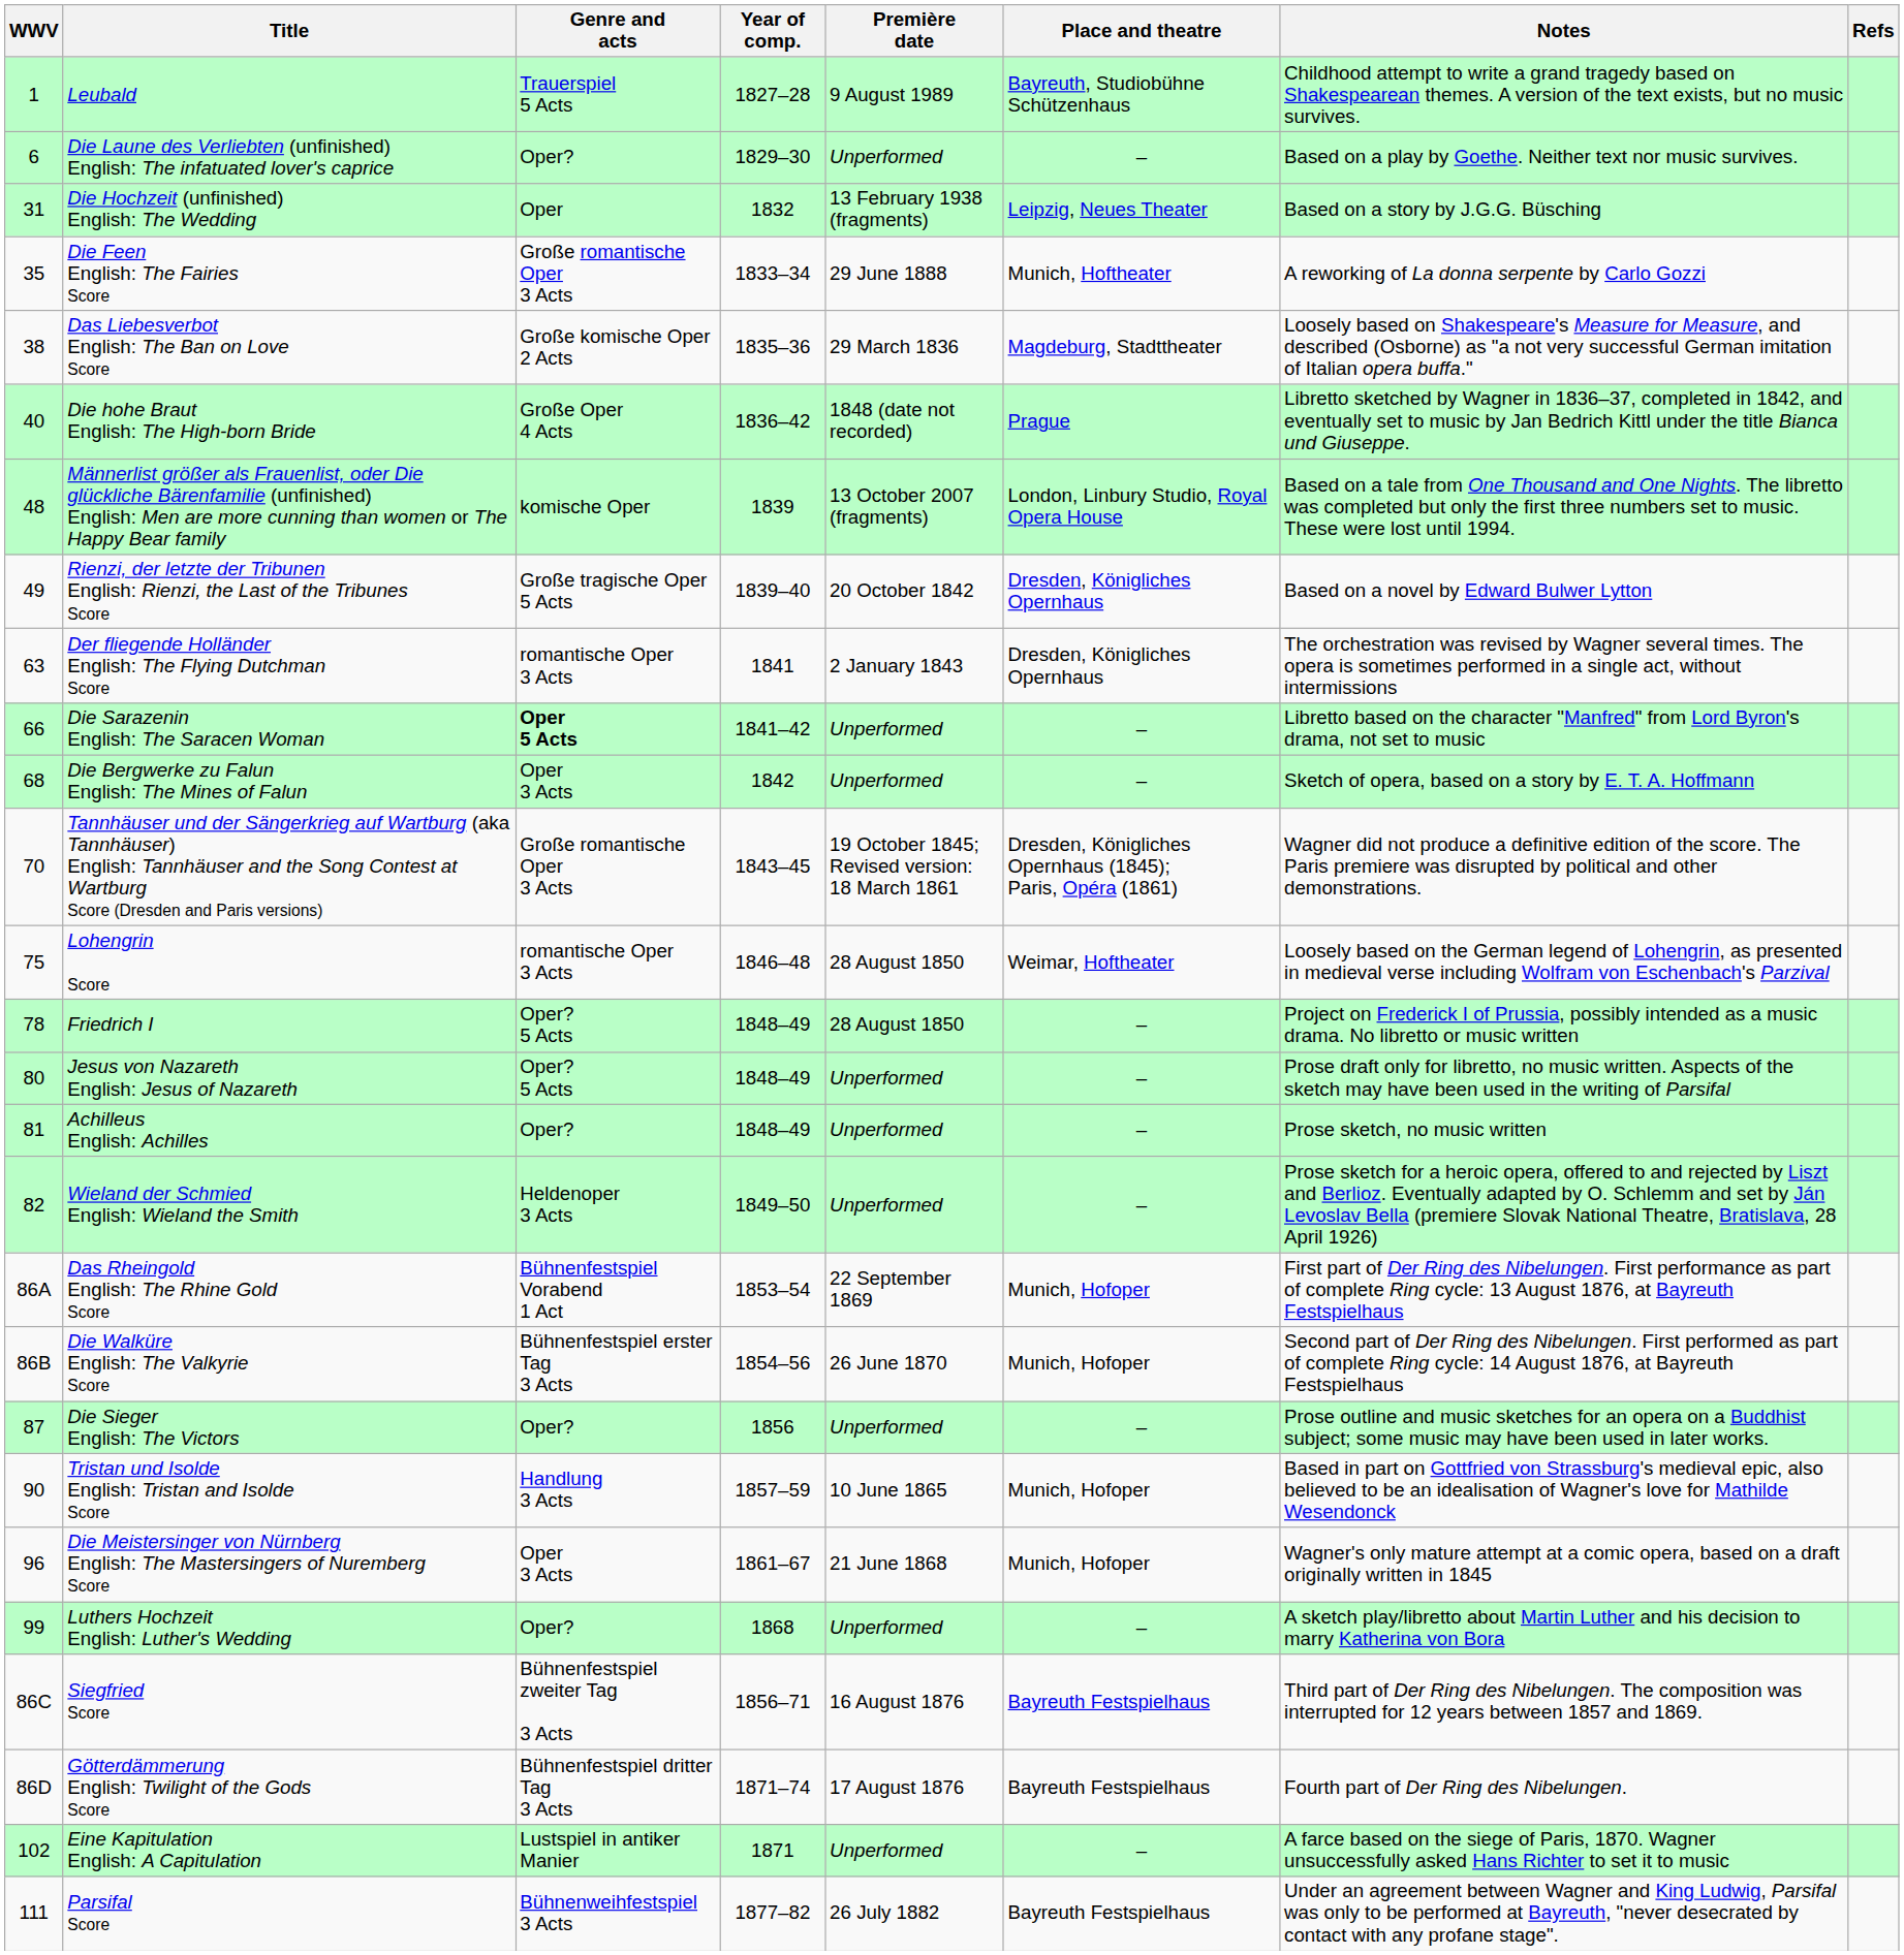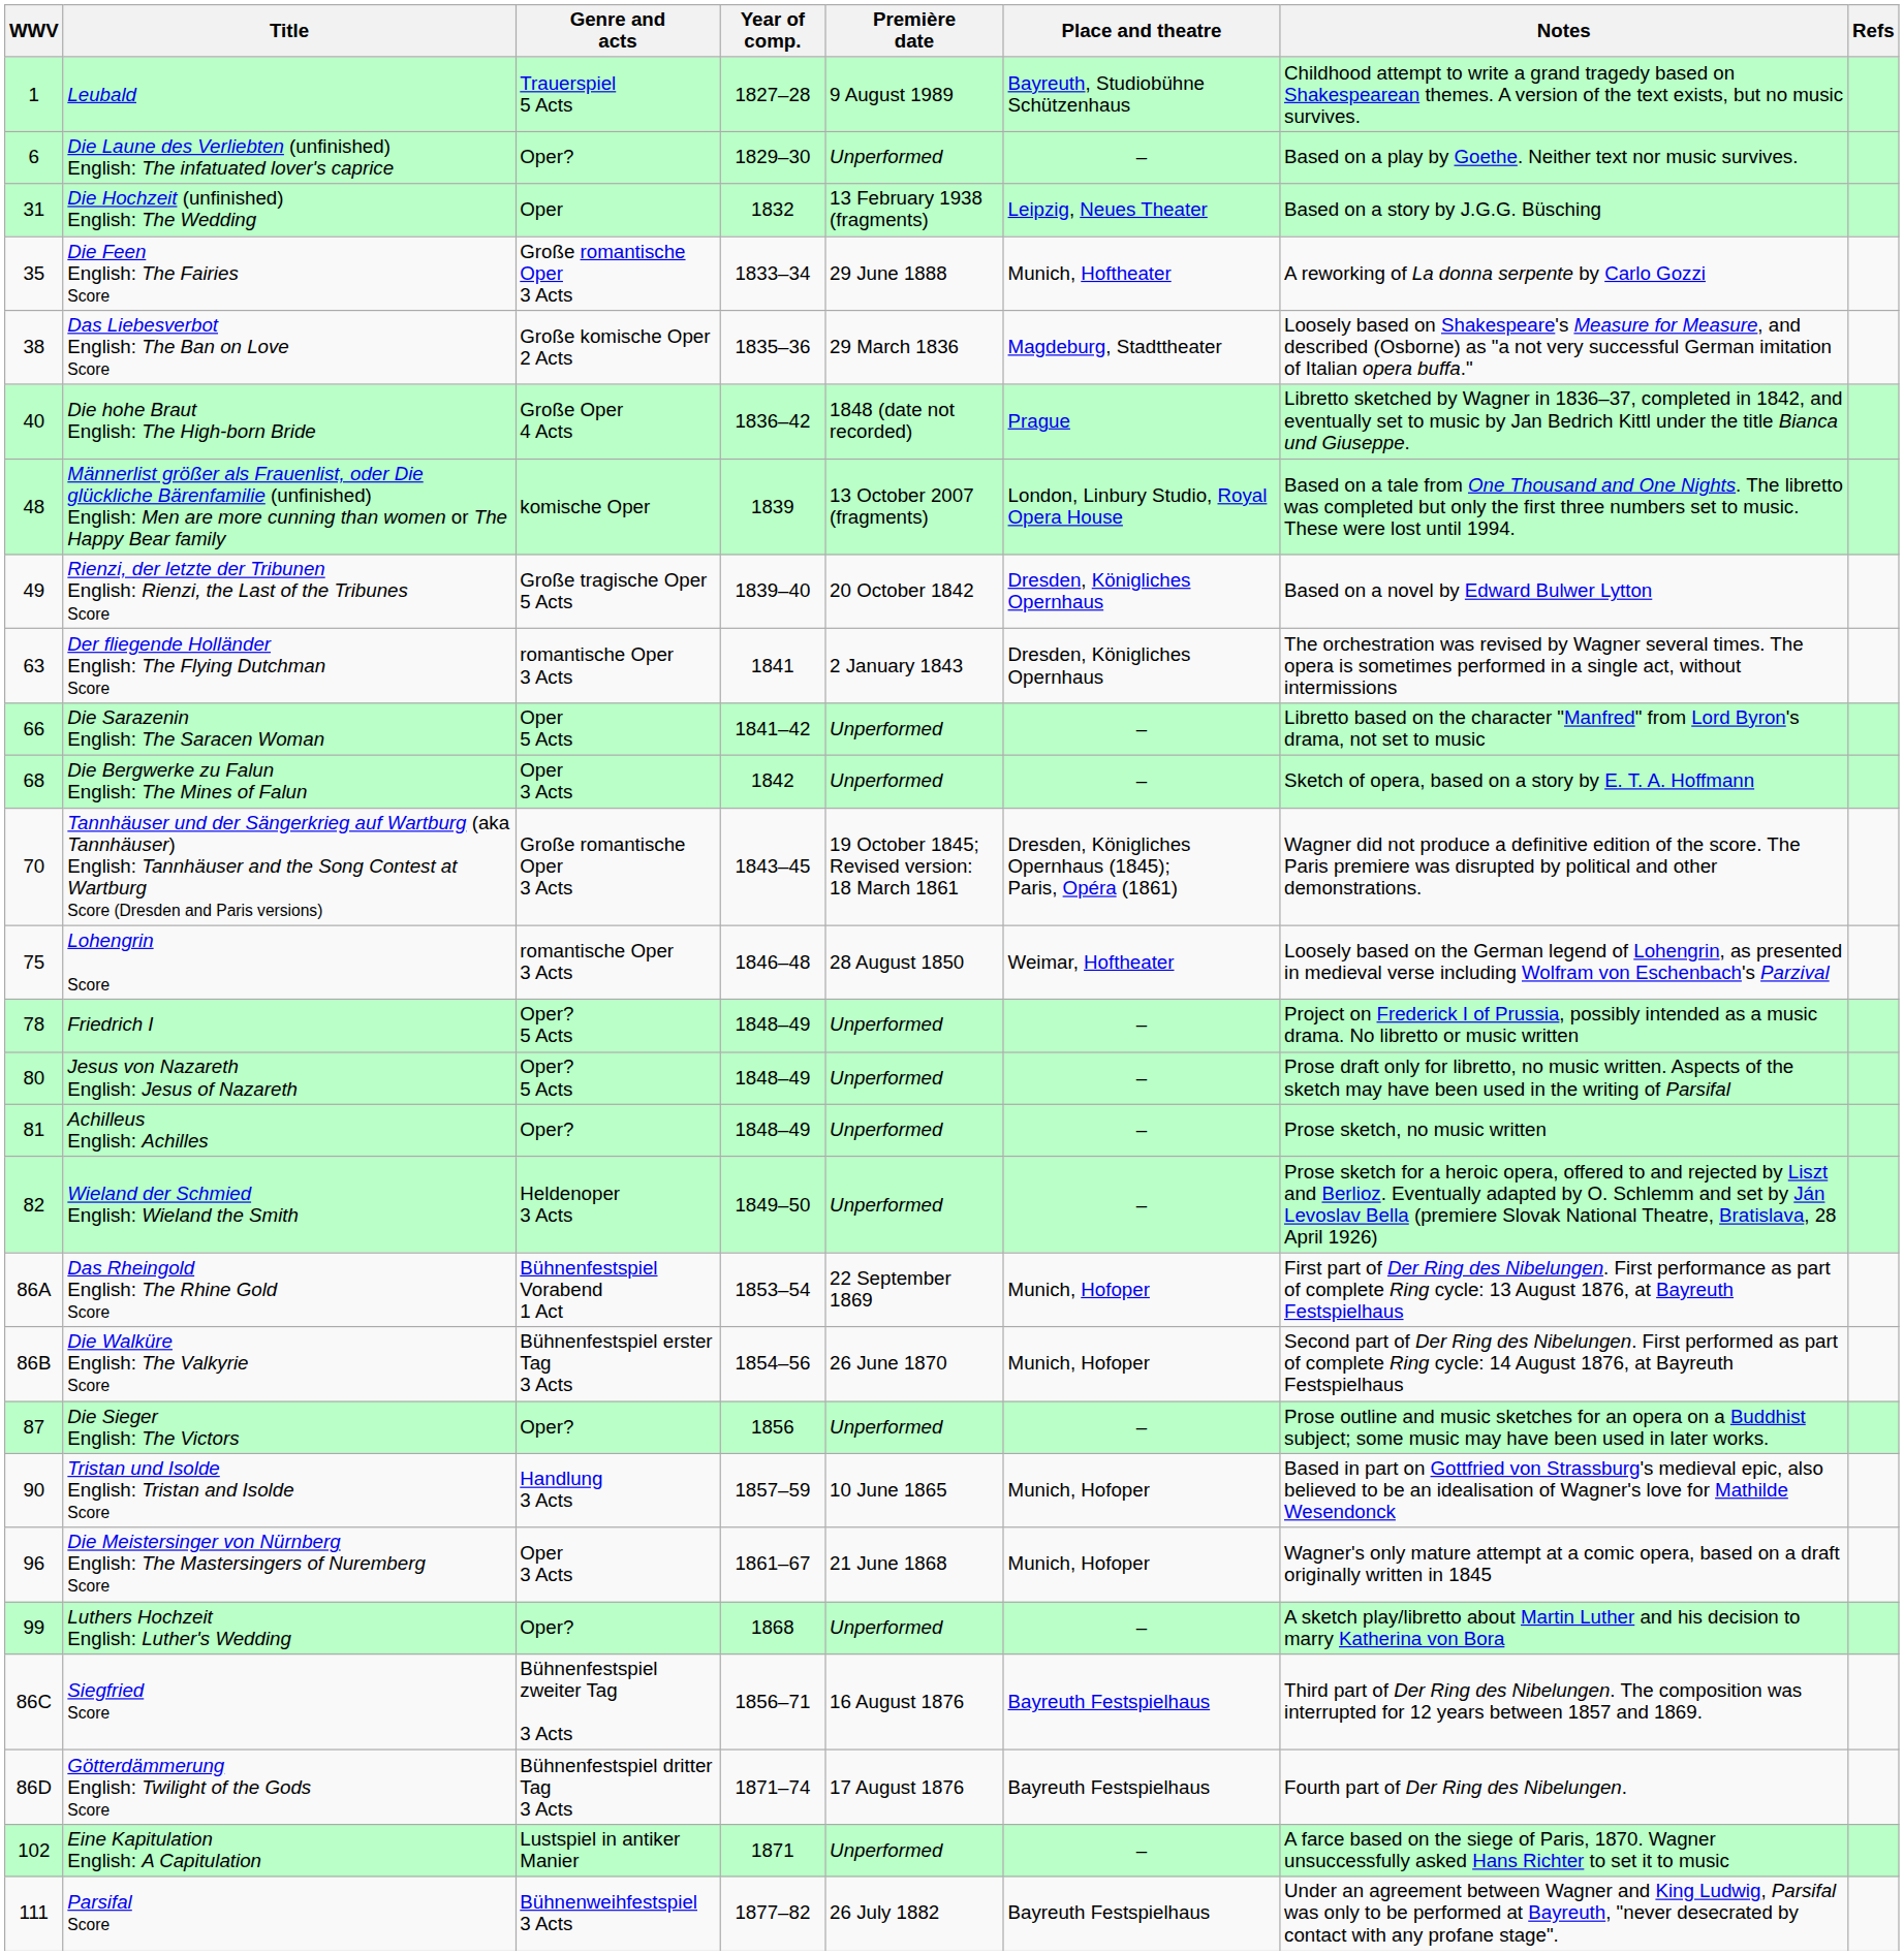 <table class = "wikitable sortable">
 <tr>
 <th>WWV</th>
 <th>Title</th>
 <th class="unsortable">Genre and<br>acts</th>
 <th>Year of comp.</th>
 <th>Première<br> date</th>
 <th>Place and theatre</th>
 <th class="unsortable" width="30%">Notes</th>
 <th class="unsortable">Refs</th>
 </tr>
 <tr style="background: #B9FFC7">
 <td align= "center">1</td>
 <td><em><a href='#'>Leubald</a></em></td>
 <td><a href='#'>Trauerspiel</a><br>5 Acts</td>
 <td align="center">1827–28</td>
 <td>9 August 1989</td>
 <td><a href='#'>Bayreuth</a>, Studiobühne Schützenhaus<br></td>
 <td>Childhood attempt to write a grand tragedy based on <a href='#'>Shakespearean</a> themes. A version of the text exists, but no music survives.</td>
 <td></td>
 </tr>
 <tr style="background: #B9FFC7">
 <td align= "center">6</td>
 <td><em><a href='#'>Die Laune des Verliebten</a></em> (unfinished)<br>English: <em>The infatuated lover's caprice</em></td>
 <td>Oper?</td>
 <td align="center">1829–30</td>
 <td><em>Unperformed</em></td>
 <td align= "center">–</td>
 <td>Based on a play by <a href='#'>Goethe</a>. Neither text nor music survives.</td>
 <td></td>
 </tr>
 <tr style="background: #B9FFC7">
 <td align= "center">31</td>
 <td><em><a href='#'>Die Hochzeit</a></em> (unfinished)<br>English: <em>The Wedding</em></td>
 <td>Oper</td>
 <td align="center">1832</td>
 <td>13 February 1938<br>(fragments)</td>
 <td><a href='#'>Leipzig</a>, <a href='#'>Neues Theater</a></td>
 <td>Based on a story by J.G.G. Büsching</td>
 <td><br><br></td>
 </tr>
 <tr>
 <td align= "center">35</td>
 <td><em><a href='#'>Die Feen</a></em><br>English: <em>The Fairies</em><br><small>Score</small></td>
 <td>Große <a href='#'>romantische Oper</a><br>3 Acts</td>
 <td align="center">1833–34</td>
 <td>29 June 1888</td>
 <td>Munich, <a href='#'>Hoftheater</a></td>
 <td>A reworking of <em>La donna serpente</em> by <a href='#'>Carlo Gozzi</a></td>
 <td></td>
 </tr>
 <tr>
 <td align= "center">38</td>
 <td><em><a href='#'>Das Liebesverbot</a></em><br>English: <em>The Ban on Love</em><br><small>Score</small></td>
 <td>Große komische Oper<br>2 Acts</td>
 <td align="center">1835–36</td>
 <td>29 March 1836</td>
 <td><a href='#'>Magdeburg</a>, Stadttheater</td>
 <td>Loosely based on <a href='#'>Shakespeare</a>'s <em><a href='#'>Measure for Measure</a></em>, and described (Osborne) as "a not very successful German imitation of Italian <em>opera buffa</em>."</td>
 <td></td>
 </tr>
 <tr style="background: #B9FFC7">
 <td align= "center">40</td>
 <td><em>Die hohe Braut</em><br>English: <em>The High-born Bride</em></td>
 <td>Große Oper<br>4 Acts</td>
 <td align="center">1836–42</td>
 <td>1848 (date not recorded)</td>
 <td><a href='#'>Prague</a></td>
 <td>Libretto sketched by Wagner in 1836–37, completed in 1842, and eventually set to music by Jan Bedrich Kittl under the title <em>Bianca und Giuseppe</em>.</td>
 <td><br></td>
 </tr>
 <tr style="background: #B9FFC7">
 <td align= "center">48</td>
 <td><em><a href='#'>Männerlist größer als Frauenlist, oder Die glückliche Bärenfamilie</a></em> (unfinished)<br>English: <em>Men are more cunning than women</em> or <em>The Happy Bear family</em></td>
 <td>komische Oper</td>
 <td align="center">1839</td>
 <td>13 October 2007<br>(fragments)</td>
 <td>London, Linbury Studio, <a href='#'>Royal Opera House</a></td>
 <td>Based on a tale from <em><a href='#'>One Thousand and One Nights</a></em>. The libretto was completed but only the first three numbers set to music. These were lost until 1994.</td>
 <td><br></td>
 </tr>
 <tr>
 <td align= "center">49</td>
 <td><em><a href='#'>Rienzi, der letzte der Tribunen</a></em><br>English: <em>Rienzi, the Last of the Tribunes</em><br><small>Score</small></td>
 <td>Große tragische Oper<br>5 Acts</td>
 <td align="center">1839–40</td>
 <td>20 October 1842</td>
 <td><a href='#'>Dresden</a>, <a href='#'>Königliches Opernhaus</a></td>
 <td>Based on a novel by <a href='#'>Edward Bulwer Lytton</a></td>
 <td></td>
 </tr>
 <tr>
 <td align= "center">63</td>
 <td><em><a href='#'>Der fliegende Holländer</a></em><br>English: <em>The Flying Dutchman</em><br><small>Score</small></td>
 <td>romantische Oper<br>3 Acts</td>
 <td align="center">1841</td>
 <td>2 January 1843</td>
 <td>Dresden, Königliches Opernhaus</td>
 <td>The orchestration was revised by Wagner several times. The opera is sometimes performed in a single act, without intermissions</td>
 <td></td>
 </tr>
 <tr style="background: #B9FFC7">
 <td align= "center">66</td>
 <td><em>Die Sarazenin</em><br>English: <em>The Saracen Woman</em></td>
-<td><strong>Oper<br>5 Acts</strong></td>
+<td>Oper<br>5 Acts</td>
 <td align="center">1841–42</td>
 <td><em>Unperformed</em></td>
 <td align= "center">–</td>
 <td>Libretto based on the character "<a href='#'>Manfred</a>" from <a href='#'>Lord Byron</a>'s drama, not set to music</td>
 <td></td>
 </tr>
 <tr style="background: #B9FFC7">
 <td align= "center">68</td>
 <td><em>Die Bergwerke zu Falun</em><br>English: <em>The Mines of Falun</em></td>
 <td>Oper<br>3 Acts</td>
 <td align="center">1842</td>
 <td><em>Unperformed</em></td>
 <td align= "center">–</td>
 <td>Sketch of opera, based on a story by <a href='#'>E. T. A. Hoffmann</a></td>
 <td><br></td>
 </tr>
 <tr>
 <td align= "center">70</td>
 <td><em><a href='#'>Tannhäuser und der Sängerkrieg auf Wartburg</a></em> (aka <em>Tannhäuser</em>)<br>English: <em>Tannhäuser and the Song Contest at Wartburg</em><br><small>Score (Dresden and Paris versions)</small></td>
 <td>Große romantische Oper<br>3 Acts</td>
 <td align="center">1843–45</td>
 <td>19 October 1845;<br>Revised version:<br>18 March 1861</td>
 <td>Dresden, Königliches Opernhaus (1845);<br>Paris, <a href='#'>Opéra</a> (1861)</td>
 <td>Wagner did not produce a definitive edition of the score. The Paris premiere was disrupted by political and other demonstrations.</td>
 <td></td>
 </tr>
 <tr>
 <td align= "center">75</td>
 <td><em><a href='#'>Lohengrin</a></em><br><br><small>Score</small></td>
 <td>romantische Oper<br>3 Acts</td>
 <td align="center">1846–48</td>
 <td>28 August 1850</td>
 <td>Weimar, <a href='#'>Hoftheater</a></td>
 <td>Loosely based on the German legend of <a href='#'>Lohengrin</a>, as presented in medieval verse including <a href='#'>Wolfram von Eschenbach</a>'s <em><a href='#'>Parzival</a></em></td>
 <td></td>
 </tr>
 <tr style="background: #B9FFC7">
 <td align= "center">78</td>
 <td><em>Friedrich I</em></td>
 <td>Oper?<br>5 Acts</td>
 <td align="center">1848–49</td>
-<td>28 August 1850</td>
+<td><em>Unperformed</em></td>
 <td align= "center">–</td>
 <td>Project on <a href='#'>Frederick I of Prussia</a>, possibly intended as a music drama. No libretto or music written</td>
 <td></td>
 </tr>
 <tr style="background: #B9FFC7">
 <td align= "center">80</td>
 <td><em>Jesus von Nazareth</em><br>English: <em>Jesus of Nazareth</em></td>
 <td>Oper?<br>5 Acts</td>
 <td align="center">1848–49</td>
 <td><em>Unperformed</em></td>
 <td align= "center">–</td>
 <td>Prose draft only for libretto, no music written. Aspects of the sketch may have been used in the writing of <em>Parsifal</em></td>
 <td><br></td>
 </tr>
 <tr style="background: #B9FFC7">
 <td align= "center">81</td>
 <td><em>Achilleus</em><br>English: <em>Achilles</em></td>
 <td>Oper?</td>
 <td align="center">1848–49</td>
 <td><em>Unperformed</em></td>
 <td align= "center">–</td>
 <td>Prose sketch, no music written</td>
 <td></td>
 </tr>
 <tr style="background: #B9FFC7">
 <td align= "center">82</td>
 <td><em><a href='#'>Wieland der Schmied</a></em><br>English: <em>Wieland the Smith</em></td>
 <td>Heldenoper<br>3 Acts</td>
 <td align="center">1849–50</td>
 <td><em>Unperformed</em></td>
 <td align= "center">–</td>
 <td>Prose sketch for a heroic opera, offered to and rejected by <a href='#'>Liszt</a> and <a href='#'>Berlioz</a>. Eventually adapted by O. Schlemm and set by <a href='#'>Ján Levoslav Bella</a> (premiere Slovak National Theatre, <a href='#'>Bratislava</a>, 28 April 1926)</td>
 <td></td>
 </tr>
 <tr>
 <td align= "center">86A</td>
 <td><em><a href='#'>Das Rheingold</a></em><br>English: <em>The Rhine Gold</em><br><small>Score</small></td>
 <td><a href='#'>Bühnenfestspiel</a> Vorabend<br>1 Act</td>
 <td align="center">1853–54</td>
 <td>22 September 1869</td>
 <td>Munich, <a href='#'>Hofoper</a></td>
 <td>First part of <em><a href='#'>Der Ring des Nibelungen</a></em>. First performance as part of complete <em>Ring</em> cycle: 13 August 1876, at <a href='#'>Bayreuth Festspielhaus</a></td>
 <td></td>
 </tr>
 <tr>
 <td align= "center">86B</td>
 <td><em><a href='#'>Die Walküre</a></em><br>English: <em>The Valkyrie</em><br><small>Score</small></td>
 <td>Bühnenfestspiel erster Tag<br>3 Acts</td>
 <td align="center">1854–56</td>
 <td>26 June 1870</td>
 <td>Munich, Hofoper</td>
 <td>Second part of <em>Der Ring des Nibelungen</em>. First performed as part of complete <em>Ring</em> cycle: 14 August 1876, at Bayreuth Festspielhaus</td>
 <td></td>
 </tr>
 <tr style="background: #B9FFC7">
 <td align= "center">87</td>
 <td><em>Die Sieger</em><br>English: <em>The Victors</em></td>
 <td>Oper?</td>
 <td align="center">1856</td>
 <td><em>Unperformed</em></td>
 <td align= "center">–</td>
 <td>Prose outline and music sketches for an opera on a <a href='#'>Buddhist</a> subject; some music may have been used in later works.</td>
 <td><br></td>
 </tr>
 <tr>
 <td align= "center">90</td>
 <td><em><a href='#'>Tristan und Isolde</a></em><br>English: <em>Tristan and Isolde</em><br><small>Score</small></td>
 <td><a href='#'>Handlung</a><br>3 Acts</td>
 <td align="center">1857–59</td>
 <td>10 June 1865</td>
 <td>Munich, Hofoper</td>
 <td>Based in part on <a href='#'>Gottfried von Strassburg</a>'s medieval epic, also believed to be an idealisation of Wagner's love for <a href='#'>Mathilde Wesendonck</a></td>
 <td><br></td>
 </tr>
 <tr>
 <td align= "center">96</td>
 <td><em><a href='#'>Die Meistersinger von Nürnberg</a></em><br>English: <em>The Mastersingers of Nuremberg</em><br><small>Score</small></td>
 <td>Oper<br>3 Acts</td>
 <td align="center">1861–67</td>
 <td>21 June 1868</td>
 <td>Munich, Hofoper</td>
 <td>Wagner's only mature attempt at a comic opera, based on a draft originally written in 1845</td>
 <td></td>
 </tr>
 <tr style="background: #B9FFC7">
 <td align= "center">99</td>
 <td><em>Luthers Hochzeit</em><br>English: <em>Luther's Wedding</em></td>
 <td>Oper?</td>
 <td align="center">1868</td>
 <td><em>Unperformed</em></td>
 <td align= "center">–</td>
 <td>A sketch play/libretto about <a href='#'>Martin Luther</a> and his decision to marry <a href='#'>Katherina von Bora</a></td>
 <td></td>
 </tr>
 <tr>
 <td align= "center">86C</td>
 <td><em><a href='#'>Siegfried</a></em><br><small>Score</small></td>
 <td>Bühnenfestspiel zweiter Tag<br><br>3 Acts</td>
 <td align="center">1856–71</td>
 <td>16 August 1876</td>
 <td><a href='#'>Bayreuth Festspielhaus</a></td>
 <td>Third part of <em>Der Ring des Nibelungen</em>. The composition was interrupted for 12 years between 1857 and 1869.</td>
 <td></td>
 </tr>
 <tr>
 <td align= "center">86D</td>
 <td><em><a href='#'>Götterdämmerung</a></em><br>English: <em>Twilight of the Gods</em><br><small>Score</small></td>
 <td>Bühnenfestspiel dritter Tag<br>3 Acts</td>
 <td align="center">1871–74</td>
 <td>17 August 1876</td>
 <td>Bayreuth Festspielhaus</td>
 <td>Fourth part of <em>Der Ring des Nibelungen</em>.</td>
 <td></td>
 </tr>
 <tr style="background: #B9FFC7">
 <td align= "center">102</td>
 <td><em>Eine Kapitulation</em><br>English: <em>A Capitulation</em></td>
 <td>Lustspiel in antiker Manier</td>
 <td align="center">1871</td>
 <td><em>Unperformed</em></td>
 <td align= "center">–</td>
 <td>A farce based on the siege of Paris, 1870. Wagner unsuccessfully asked <a href='#'>Hans Richter</a> to set it to music</td>
 <td></td>
 </tr>
 <tr>
 <td align= "center">111</td>
 <td><em><a href='#'>Parsifal</a></em><br><small>Score</small></td>
 <td><a href='#'>Bühnenweih­festspiel</a><br>3 Acts</td>
 <td align="center">1877–82</td>
 <td>26 July 1882</td>
 <td>Bayreuth Festspielhaus</td>
 <td>Under an agreement between Wagner and <a href='#'>King Ludwig</a>, <em>Parsifal</em> was only to be performed at <a href='#'>Bayreuth</a>, "never desecrated by contact with any profane stage".</td>
 <td></td>
 </tr>
 </table>
